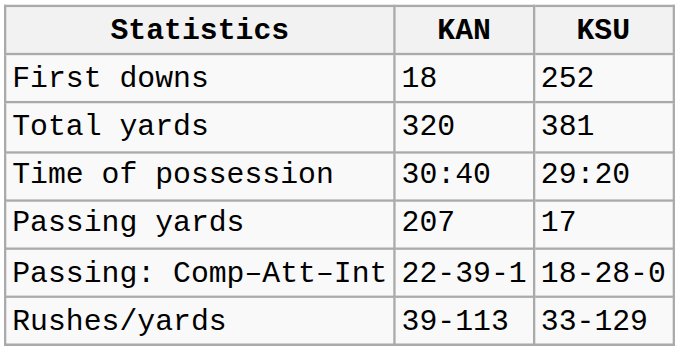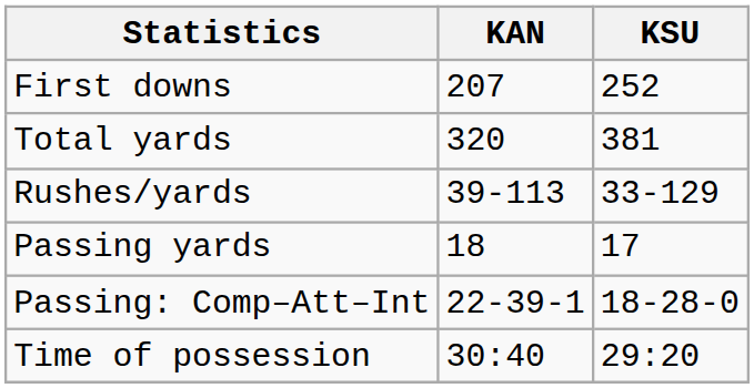 <table class="wikitable" style="float: left;">
 <tr>
 <th>Statistics</th>
 <th>KAN</th>
 <th>KSU</th>
 </tr>
 <tr>
 <td>First downs</td>
-<td>18</td>
+<td>207</td>
 <td>252</td>
 </tr>
 <tr>
 <td>Total yards</td>
 <td>320</td>
 <td>381</td>
 </tr>
 <tr>
-<td>Time of possession</td>
-<td>30:40</td>
-<td>29:20</td>
+<td>Rushes/yards</td>
+<td>39-113</td>
+<td>33-129</td>
 </tr>
 <tr>
 <td>Passing yards</td>
-<td>207</td>
+<td>18</td>
 <td>17</td>
 </tr>
 <tr>
 <td>Passing: Comp–Att–Int</td>
 <td>22-39-1</td>
 <td>18-28-0</td>
 </tr>
 <tr>
-<td>Rushes/yards</td>
-<td>39-113</td>
-<td>33-129</td>
+<td>Time of possession</td>
+<td>30:40</td>
+<td>29:20</td>
 </tr>
 <tr>
 </tr>
 </table>
